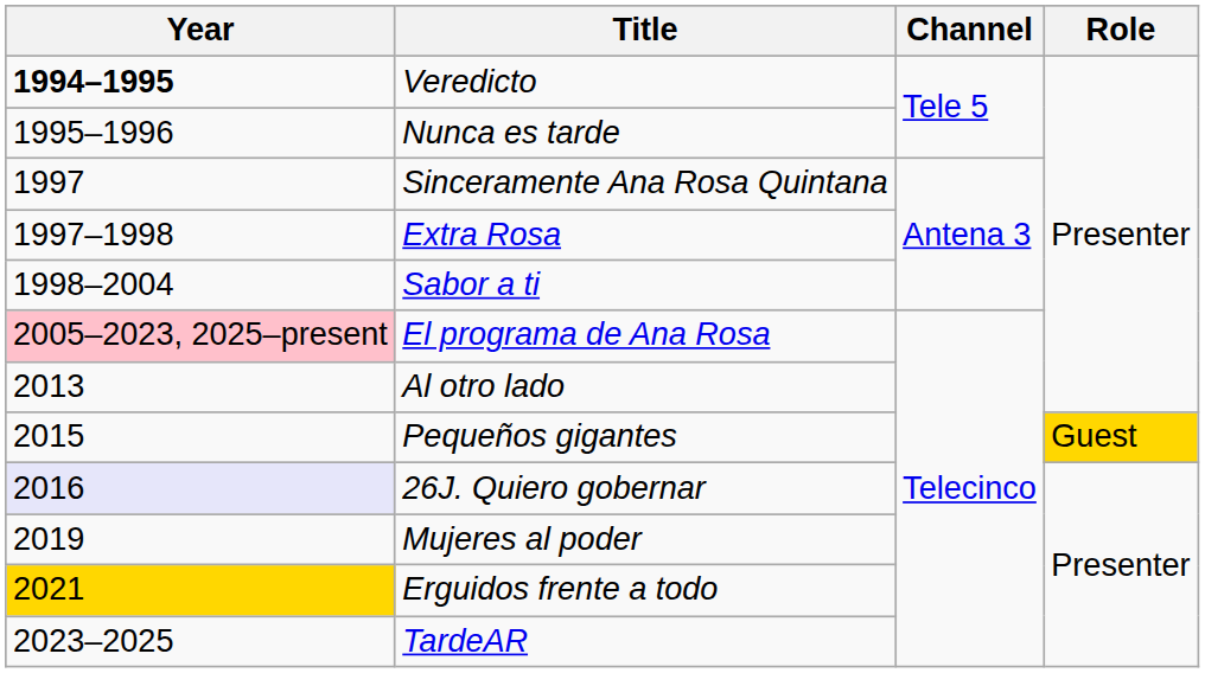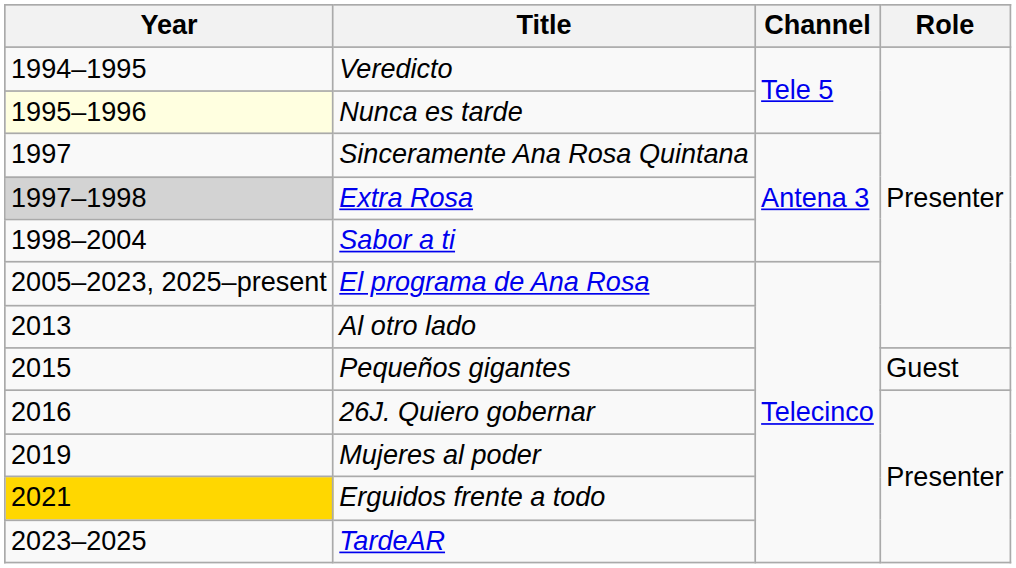 <table class="wikitable">
 <tr>
 <th>Year</th>
 <th>Title</th>
 <th>Channel</th>
 <th>Role</th>
 </tr>
 <tr>
-<td><strong>1994–1995</strong></td>
+<td>1994–1995</td>
 <td><em>Veredicto</em></td>
 <td rowspan="2"><a href='#'>Tele 5</a></td>
 <td rowspan="7">Presenter</td>
 </tr>
 <tr>
-<td>1995–1996</td>
+<td style="background: lightyellow;">1995–1996</td>
 <td><em>Nunca es tarde</em></td>
 </tr>
 <tr>
 <td>1997</td>
 <td><em>Sinceramente Ana Rosa Quintana</em></td>
 <td rowspan="3"><a href='#'>Antena 3</a></td>
 </tr>
 <tr>
-<td>1997–1998</td>
+<td style="background: lightgrey;">1997–1998</td>
 <td><em><a href='#'>Extra Rosa</a></em></td>
 </tr>
 <tr>
 <td>1998–2004</td>
 <td><a href='#'><em>Sabor a ti</em></a></td>
 </tr>
 <tr>
-<td style="background: pink;">2005–2023, 2025–present</td>
+<td>2005–2023, 2025–present</td>
 <td><em><a href='#'>El programa de Ana Rosa</a></em></td>
 <td rowspan="7"><a href='#'>Telecinco</a></td>
 </tr>
 <tr>
 <td>2013</td>
 <td><em>Al otro lado</em></td>
 </tr>
 <tr>
 <td>2015</td>
 <td><em>Pequeños gigantes</em></td>
-<td style="background: gold;">Guest</td>
+<td>Guest</td>
 </tr>
 <tr>
-<td style="background: lavender;">2016</td>
+<td>2016</td>
 <td><em>26J. Quiero gobernar</em></td>
 <td rowspan="4">Presenter</td>
 </tr>
 <tr>
 <td>2019</td>
 <td><em>Mujeres al poder</em></td>
 </tr>
 <tr>
 <td style="background: gold;">2021</td>
 <td><em>Erguidos frente a todo</em></td>
 </tr>
 <tr>
 <td>2023–2025</td>
 <td><em><a href='#'>TardeAR</a></em></td>
 </tr>
 </table>
